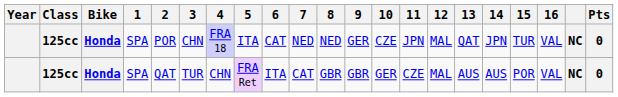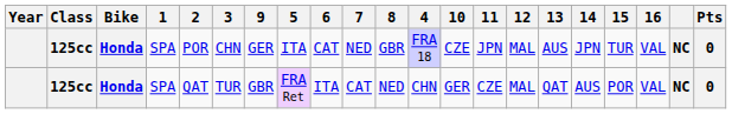 <table class="wikitable" style="text-align:center">
 <tr>
 <th>Year</th>
 <th>Class</th>
 <th>Bike</th>
 <th>1</th>
 <th>2</th>
 <th>3</th>
-<th>4</th>
+<th>9</th>
 <th>5</th>
 <th>6</th>
 <th>7</th>
 <th>8</th>
-<th>9</th>
+<th>4</th>
 <th>10</th>
 <th>11</th>
 <th>12</th>
 <th>13</th>
 <th>14</th>
 <th>15</th>
 <th>16</th>
 <th></th>
 <th>Pts</th>
 </tr>
 <tr>
 <th></th>
 <th>125cc</th>
 <th><a href='#'>Honda</a></th>
 <td><a href='#'>SPA</a></td>
 <td><a href='#'>POR</a></td>
 <td><a href='#'>CHN</a></td>
-<td style="background:#cfcfff;"><a href='#'>FRA</a><br><small>18</small></td>
+<td><a href='#'>GER</a></td>
 <td><a href='#'>ITA</a></td>
 <td><a href='#'>CAT</a></td>
 <td><a href='#'>NED</a></td>
-<td><a href='#'>NED</a></td>
-<td><a href='#'>GER</a></td>
+<td><a href='#'>GBR</a></td>
+<td style="background:#cfcfff;"><a href='#'>FRA</a><br><small>18</small></td>
 <td><a href='#'>CZE</a></td>
 <td><a href='#'>JPN</a></td>
 <td><a href='#'>MAL</a></td>
-<td><a href='#'>QAT</a></td>
+<td><a href='#'>AUS</a></td>
 <td><a href='#'>JPN</a></td>
 <td><a href='#'>TUR</a></td>
 <td><a href='#'>VAL</a></td>
 <th>NC</th>
 <th>0</th>
 </tr>
 <tr>
 <th></th>
 <th>125cc</th>
 <th><a href='#'>Honda</a></th>
 <td><a href='#'>SPA</a></td>
 <td><a href='#'>QAT</a></td>
 <td><a href='#'>TUR</a></td>
-<td><a href='#'>CHN</a></td>
+<td><a href='#'>GBR</a></td>
 <td style="background:#efcfff;"><a href='#'>FRA</a><br><small>Ret</small></td>
 <td><a href='#'>ITA</a></td>
 <td><a href='#'>CAT</a></td>
-<td><a href='#'>GBR</a></td>
-<td><a href='#'>GBR</a></td>
+<td><a href='#'>NED</a></td>
+<td><a href='#'>CHN</a></td>
 <td><a href='#'>GER</a></td>
 <td><a href='#'>CZE</a></td>
 <td><a href='#'>MAL</a></td>
-<td><a href='#'>AUS</a></td>
+<td><a href='#'>QAT</a></td>
 <td><a href='#'>AUS</a></td>
 <td><a href='#'>POR</a></td>
 <td><a href='#'>VAL</a></td>
 <th>NC</th>
 <th>0</th>
 </tr>
 </table>
